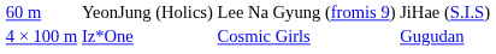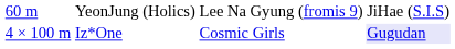 <table>
 <tr>
 <td><a href='#'>60 m</a></td>
 <td>YeonJung (Holics)</td>
 <td>Lee Na Gyung (<a href='#'>fromis 9</a>)</td>
 <td>JiHae (<a href='#'>S.I.S</a>)</td>
 </tr>
 <tr>
 <td><a href='#'>4 × 100 m</a></td>
 <td><a href='#'>Iz*One</a></td>
 <td><a href='#'>Cosmic Girls</a></td>
-<td><a href='#'>Gugudan</a></td>
+<td style="background: lavender;"><a href='#'>Gugudan</a></td>
 </tr>
 </table>
